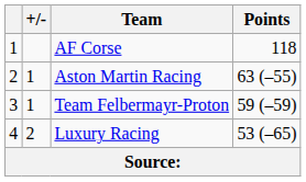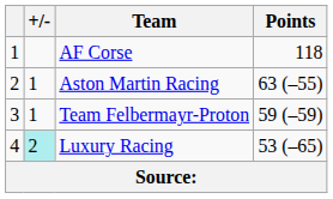 <table class="wikitable" style="font-size: 95%;">
 <tr>
 <th scope="col"></th>
 <th scope="col">+/-</th>
 <th scope="col">Team</th>
 <th scope="col">Points</th>
 </tr>
 <tr>
 <td align="center">1</td>
 <td align="left"></td>
 <td> <a href='#'>AF Corse</a></td>
 <td align="right">118</td>
 </tr>
 <tr>
 <td align="center">2</td>
 <td align="left"> 1</td>
 <td> <a href='#'>Aston Martin Racing</a></td>
 <td align="right">63 (–55)</td>
 </tr>
 <tr>
 <td align="center">3</td>
 <td align="left"> 1</td>
 <td> <a href='#'>Team Felbermayr-Proton</a></td>
 <td align="right">59 (–59)</td>
 </tr>
 <tr>
 <td align="center">4</td>
-<td align="left"> 2</td>
+<td align="left" style="background: paleturquoise;"> 2</td>
 <td> <a href='#'>Luxury Racing</a></td>
 <td align="right">53 (–65)</td>
 </tr>
 <tr>
 <th colspan="4">Source:</th>
 </tr>
 </table>
